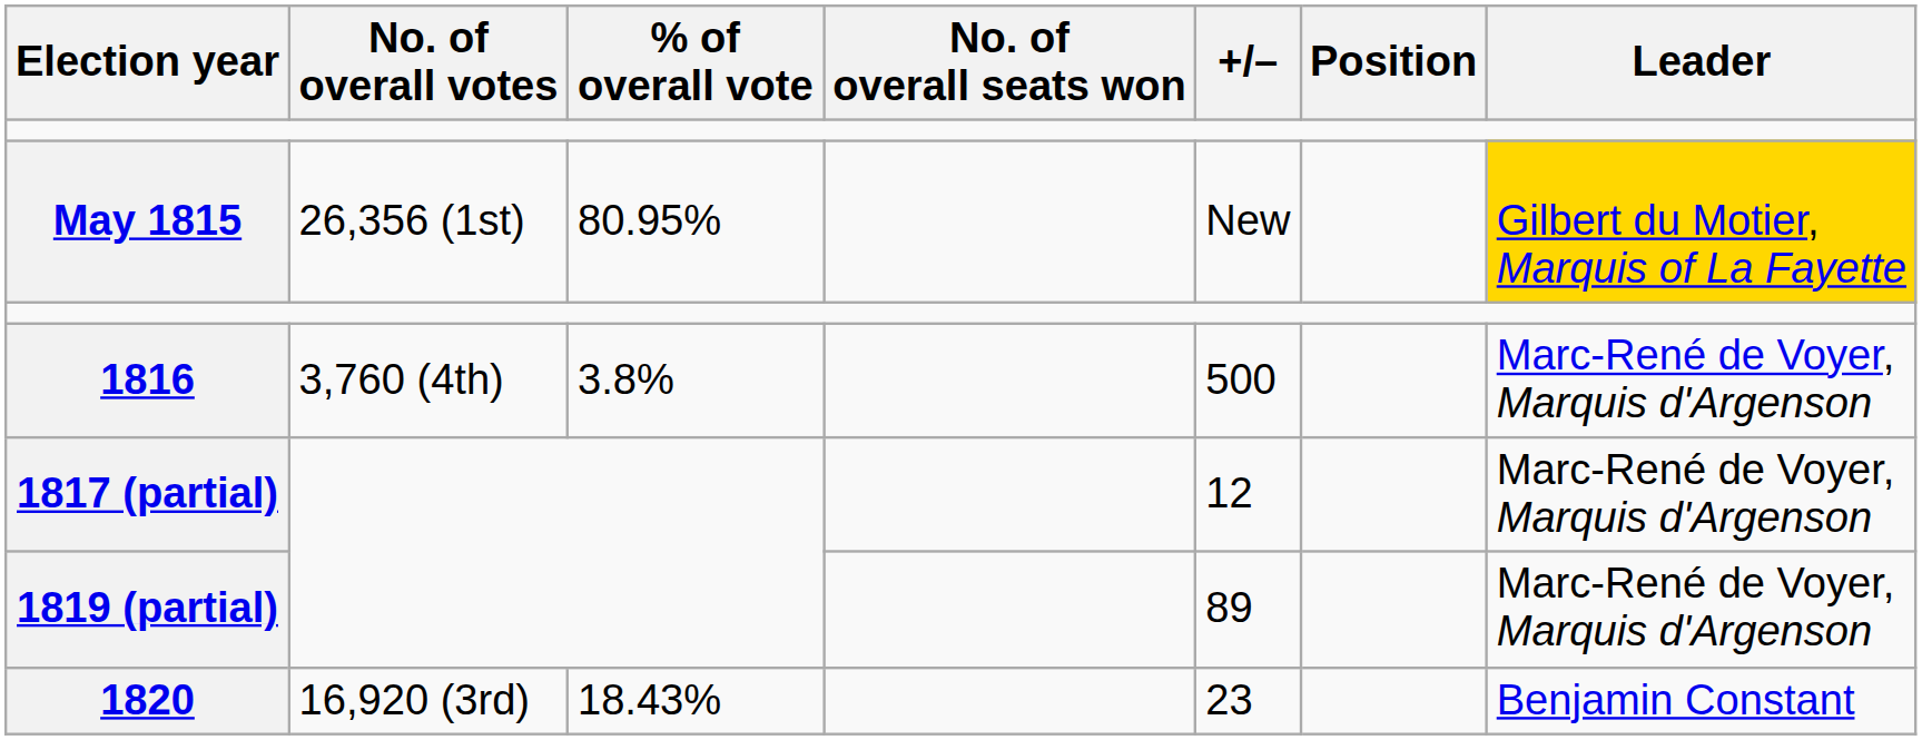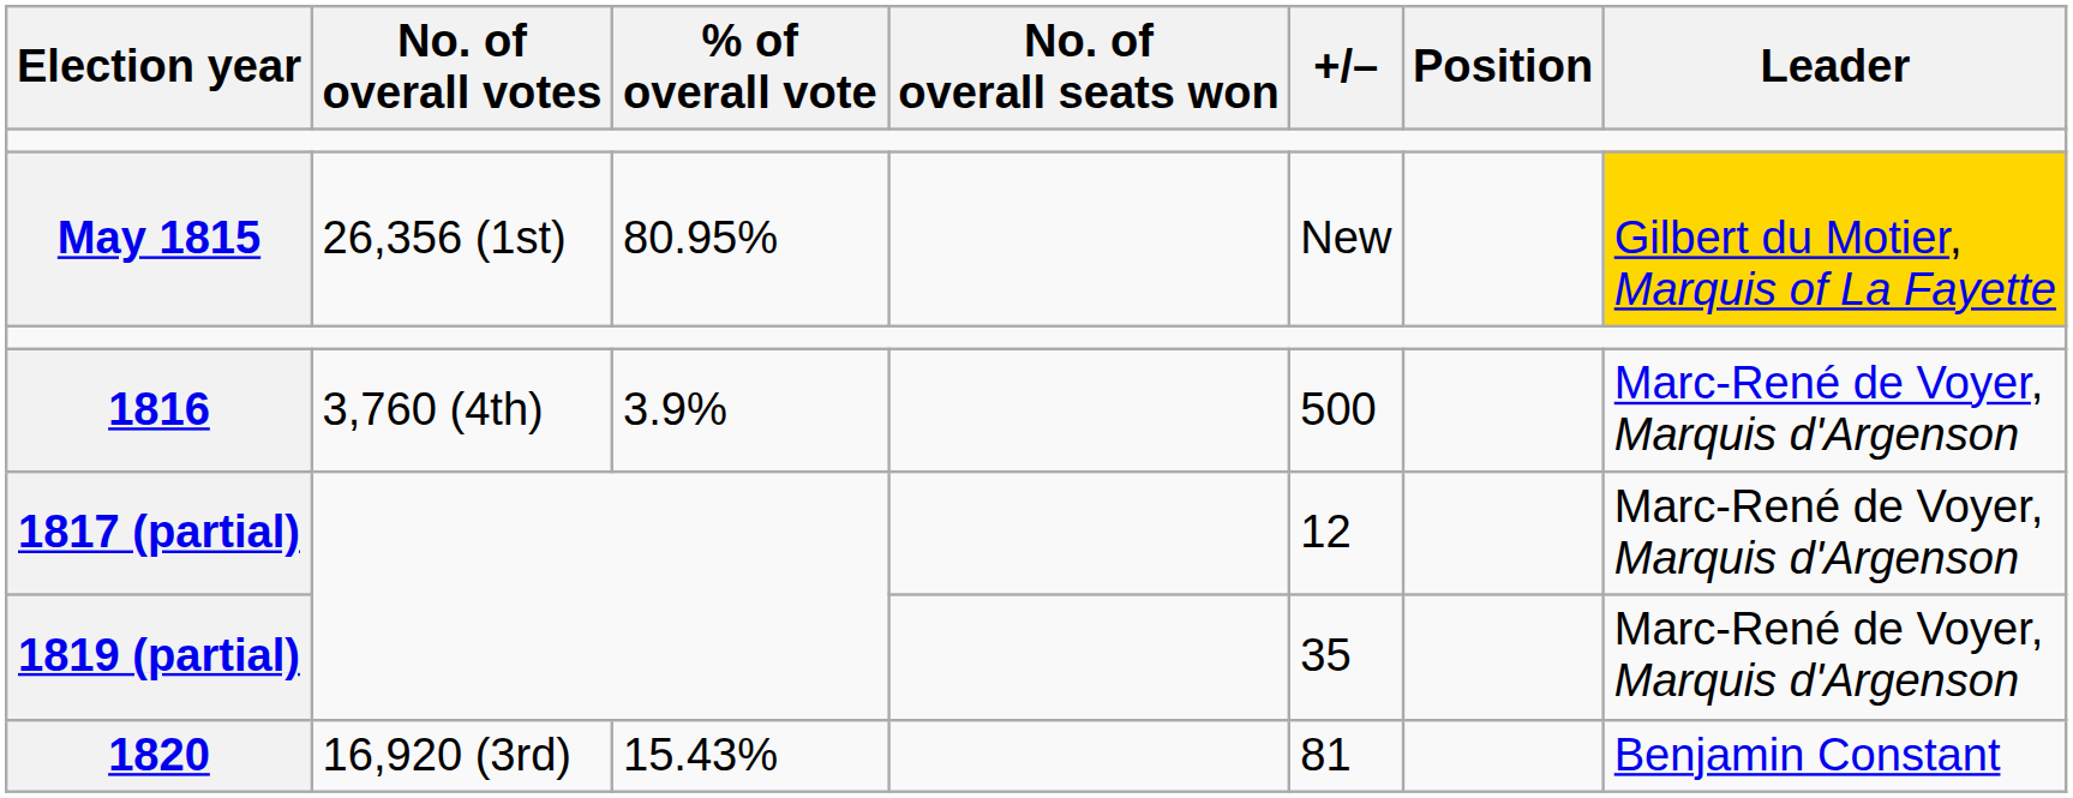 <table class="wikitable">
 <tr>
 <th>Election year</th>
 <th>No. of<br>overall votes</th>
 <th>% of<br>overall vote</th>
 <th>No. of<br>overall seats won</th>
 <th>+/–</th>
 <th>Position</th>
 <th>Leader</th>
 </tr>
 <tr>
 <td colspan="7"></td>
 </tr>
 <tr>
 <th><a href='#'>May 1815</a></th>
 <td>26,356 (1st)</td>
 <td>80.95%</td>
 <td></td>
 <td>New</td>
 <td></td>
 <td style="background: gold;"><br><a href='#'>Gilbert du Motier</a>,<br><a href='#'><em>Marquis of La Fayette</em></a></td>
 </tr>
 <tr>
 <td colspan="7"></td>
 </tr>
 <tr>
 <th><a href='#'>1816</a></th>
 <td>3,760 (4th)</td>
-<td>3.8%</td>
+<td>3.9%</td>
 <td></td>
 <td> 500</td>
 <td></td>
 <td><a href='#'>Marc-René de Voyer</a>,<br><em>Marquis d'Argenson</em></td>
 </tr>
 <tr>
 <th><a href='#'>1817 (partial)</a></th>
 <td colspan="2" rowspan="2" style="background:"></td>
 <td></td>
 <td> 12</td>
 <td></td>
 <td>Marc-René de Voyer,<br><em>Marquis d'Argenson</em></td>
 </tr>
 <tr>
 <th><a href='#'>1819 (partial)</a></th>
 <td></td>
-<td> 89</td>
+<td> 35</td>
 <td></td>
 <td>Marc-René de Voyer,<br><em>Marquis d'Argenson</em></td>
 </tr>
 <tr>
 <th><a href='#'>1820</a></th>
 <td>16,920 (3rd)</td>
-<td>18.43%</td>
+<td>15.43%</td>
 <td></td>
-<td> 23</td>
+<td> 81</td>
 <td></td>
 <td><a href='#'>Benjamin Constant</a></td>
 </tr>
 </table>
